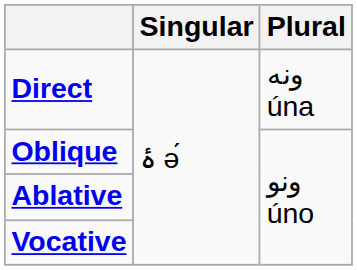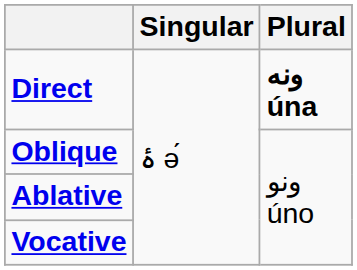 <table class="wikitable">
 <tr>
 <th></th>
 <th>Singular</th>
 <th>Plural</th>
 </tr>
 <tr>
 <td><strong><a href='#'>Direct</a></strong></td>
 <td rowspan="4">ۀ ә́</td>
-<td>ونه<br>úna</td>
+<td><strong>ونه<br>úna</strong></td>
 </tr>
 <tr>
 <td><strong><a href='#'>Oblique</a></strong></td>
 <td rowspan="3">ونو<br>úno</td>
 </tr>
 <tr>
 <td><strong><a href='#'>Ablative</a></strong></td>
 </tr>
 <tr>
 <td><strong><a href='#'>Vocative</a></strong></td>
 </tr>
 </table>
